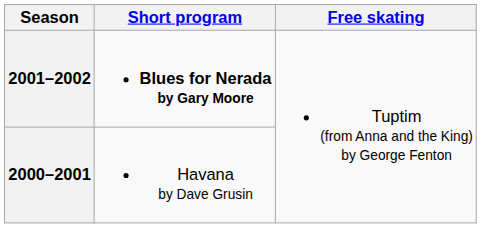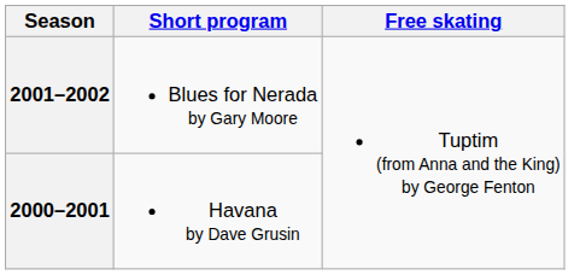 <table class=wikitable style=text-align:center>
 <tr>
 <th>Season</th>
 <th><a href='#'>Short program</a></th>
 <th><a href='#'>Free skating</a></th>
 </tr>
 <tr>
 <th>2001–2002 <br> </th>
-<td><strong><br><ul><li>Blues for Nerada <br><small> by Gary Moore </small></li></ul></strong></td>
+<td><br><ul><li>Blues for Nerada <br><small> by Gary Moore </small></li></ul></td>
 <td rowspan=2><br><ul><li>Tuptim <br><small> (from Anna and the King) <br> by George Fenton </small></li></ul></td>
 </tr>
 <tr>
 <th>2000–2001 <br> </th>
 <td><br><ul><li>Havana <br><small> by Dave Grusin </small></li></ul></td>
 </tr>
 </table>
